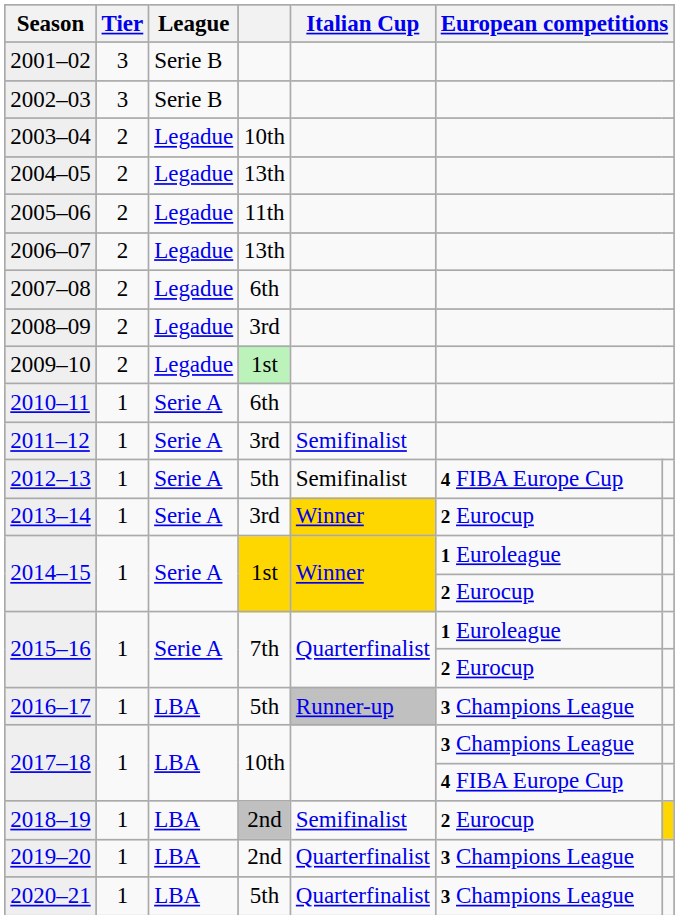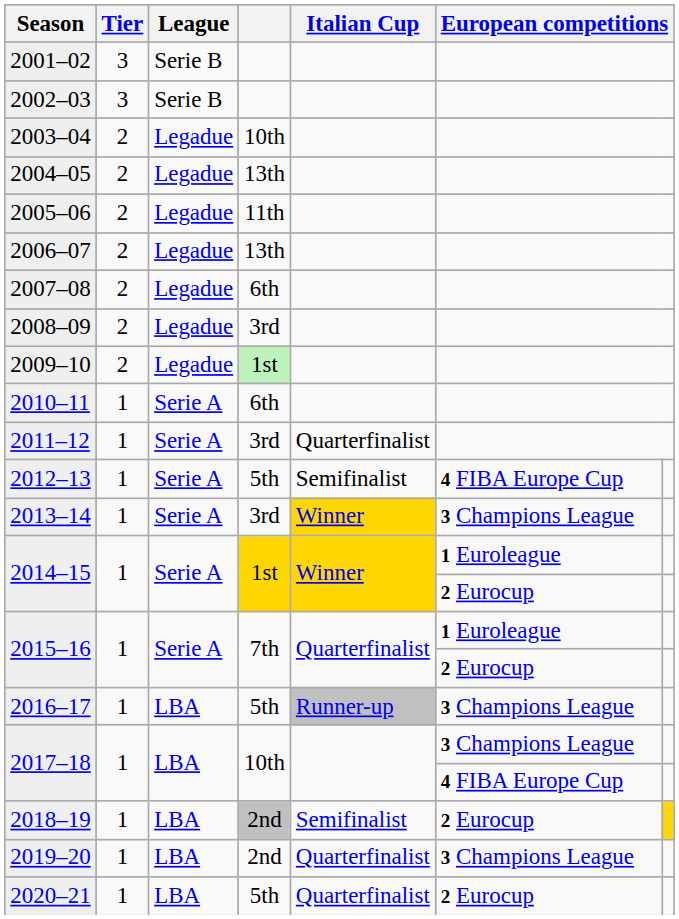 <table class="wikitable" style="font-size:85%">
 <tr bgcolor=>
 <th>Season</th>
 <th><a href='#'>Tier</a></th>
 <th>League</th>
 <th></th>
 <th><a href='#'>Italian Cup</a></th>
 <th colspan=2><a href='#'>European competitions</a></th>
 </tr>
 <tr>
 <td style="background:#efefef;">2001–02</td>
 <td style="text-align:center;">3</td>
 <td>Serie B</td>
 <td style="text-align:center;"></td>
 <td></td>
 <td colspan=2></td>
 </tr>
 <tr>
 <td style="background:#efefef;">2002–03</td>
 <td style="text-align:center;">3</td>
 <td>Serie B</td>
 <td style="text-align:center;"></td>
 <td></td>
 <td colspan=2></td>
 </tr>
 <tr>
 <td style="background:#efefef;">2003–04</td>
 <td style="text-align:center;">2</td>
 <td><a href='#'>Legadue</a></td>
 <td style="text-align:center;">10th</td>
 <td></td>
 <td colspan=2></td>
 </tr>
 <tr>
 <td style="background:#efefef;">2004–05</td>
 <td style="text-align:center;">2</td>
 <td><a href='#'>Legadue</a></td>
 <td style="text-align:center;">13th</td>
 <td></td>
 <td colspan=2></td>
 </tr>
 <tr>
 <td style="background:#efefef;">2005–06</td>
 <td style="text-align:center;">2</td>
 <td><a href='#'>Legadue</a></td>
 <td style="text-align:center;">11th</td>
 <td></td>
 <td colspan=2></td>
 </tr>
 <tr>
 <td style="background:#efefef;">2006–07</td>
 <td style="text-align:center;">2</td>
 <td><a href='#'>Legadue</a></td>
 <td style="text-align:center;">13th</td>
 <td></td>
 <td colspan=2></td>
 </tr>
 <tr>
 <td style="background:#efefef;">2007–08</td>
 <td style="text-align:center;">2</td>
 <td><a href='#'>Legadue</a></td>
 <td style="text-align:center;">6th</td>
 <td></td>
 <td colspan=2></td>
 </tr>
 <tr>
 <td style="background:#efefef;">2008–09</td>
 <td style="text-align:center;">2</td>
 <td><a href='#'>Legadue</a></td>
 <td style="text-align:center;">3rd</td>
 <td></td>
 <td colspan=2></td>
 </tr>
 <tr>
 <td style="background:#efefef;">2009–10</td>
 <td style="text-align:center;">2</td>
 <td><a href='#'>Legadue</a></td>
 <td style="text-align:center;" bgcolor=#BBF3BB>1st</td>
 <td></td>
 <td colspan=2></td>
 </tr>
 <tr>
 <td style="background:#efefef;"><a href='#'>2010–11</a></td>
 <td style="text-align:center;">1</td>
 <td><a href='#'>Serie A</a></td>
 <td style="text-align:center;">6th</td>
 <td></td>
 <td colspan=2></td>
 </tr>
 <tr>
 <td style="background:#efefef;"><a href='#'>2011–12</a></td>
 <td style="text-align:center;">1</td>
 <td><a href='#'>Serie A</a></td>
 <td style="text-align:center;">3rd</td>
-<td><a href='#'>Semifinalist</a></td>
+<td>Quarterfinalist</td>
 <td colspan=2></td>
 </tr>
 <tr>
 <td style="background:#efefef;"><a href='#'>2012–13</a></td>
 <td style="text-align:center;">1</td>
 <td><a href='#'>Serie A</a></td>
 <td style="text-align:center;">5th</td>
 <td>Semifinalist</td>
 <td><small><strong>4</strong></small> <a href='#'>FIBA Europe Cup</a></td>
 <td align=center></td>
 </tr>
 <tr>
 <td style="background:#efefef;"><a href='#'>2013–14</a></td>
 <td style="text-align:center;">1</td>
 <td><a href='#'>Serie A</a></td>
 <td style="text-align:center;">3rd</td>
 <td style="background:gold"><a href='#'>Winner</a></td>
-<td><small><strong>2</strong></small> <a href='#'>Eurocup</a></td>
+<td><small><strong>3</strong></small> <a href='#'>Champions League</a></td>
 <td style="text-align:center;"></td>
 </tr>
 <tr>
 <td rowspan="2" style="background:#efefef;"><a href='#'>2014–15</a></td>
 <td rowspan="2" style="text-align:center;">1</td>
 <td rowspan="2"><a href='#'>Serie A</a></td>
 <td rowspan="2" style="text-align:center;" bgcolor="gold">1st</td>
 <td rowspan="2" style="background:gold"><a href='#'>Winner</a></td>
 <td><small><strong>1</strong></small> <a href='#'>Euroleague</a></td>
 <td style="text-align:center;"></td>
 </tr>
 <tr>
 <td><small><strong>2</strong></small> <a href='#'>Eurocup</a></td>
 <td align=center></td>
 </tr>
 <tr>
 <td rowspan="2" style="background:#efefef;"><a href='#'>2015–16</a></td>
 <td rowspan="2" style="text-align:center;">1</td>
 <td rowspan="2"><a href='#'>Serie A</a></td>
 <td rowspan="2" style="text-align:center;">7th</td>
 <td rowspan="2"><a href='#'>Quarterfinalist</a></td>
 <td><small><strong>1</strong></small> <a href='#'>Euroleague</a></td>
 <td style="text-align:center;"></td>
 </tr>
 <tr>
 <td><small><strong>2</strong></small> <a href='#'>Eurocup</a></td>
 <td align=center></td>
 </tr>
 <tr>
 <td style="background:#efefef;"><a href='#'>2016–17</a></td>
 <td style="text-align:center;">1</td>
 <td><a href='#'>LBA</a></td>
 <td style="text-align:center;">5th</td>
 <td bgcolor=silver><a href='#'>Runner-up</a></td>
 <td><small><strong>3</strong></small> <a href='#'>Champions League</a></td>
 <td align=center></td>
 </tr>
 <tr>
 <td rowspan="2" style="background:#efefef;"><a href='#'>2017–18</a></td>
 <td rowspan="2" style="text-align:center;">1</td>
 <td rowspan="2"><a href='#'>LBA</a></td>
 <td rowspan="2" style="text-align:center;">10th</td>
 <td rowspan="2"></td>
 <td><small><strong>3</strong></small> <a href='#'>Champions League</a></td>
 <td style="text-align:center;"></td>
 </tr>
 <tr>
 <td><small><strong>4</strong></small> <a href='#'>FIBA Europe Cup</a></td>
 <td align=center></td>
 </tr>
 <tr>
 <td style="background:#efefef;"><a href='#'>2018–19</a></td>
 <td style="text-align:center;">1</td>
 <td><a href='#'>LBA</a></td>
 <td style="text-align:center;" bgcolor="silver">2nd</td>
 <td><a href='#'>Semifinalist</a></td>
 <td><small><strong>2</strong></small> <a href='#'>Eurocup</a></td>
 <td align=center bgcolor=gold></td>
 </tr>
 <tr>
 <td style="background:#efefef;"><a href='#'>2019–20</a></td>
 <td style="text-align:center;">1</td>
 <td><a href='#'>LBA</a></td>
 <td style="text-align:center;">2nd</td>
 <td><a href='#'>Quarterfinalist</a></td>
 <td><small><strong>3</strong></small> <a href='#'>Champions League</a></td>
 <td></td>
 </tr>
 <tr>
 <td style="background:#efefef;"><a href='#'>2020–21</a></td>
 <td style="text-align:center;">1</td>
 <td><a href='#'>LBA</a></td>
 <td style="text-align:center;">5th</td>
 <td><a href='#'>Quarterfinalist</a></td>
-<td><small><strong>3</strong></small> <a href='#'>Champions League</a></td>
+<td><small><strong>2</strong></small> <a href='#'>Eurocup</a></td>
 <td></td>
 </tr>
 </table>
